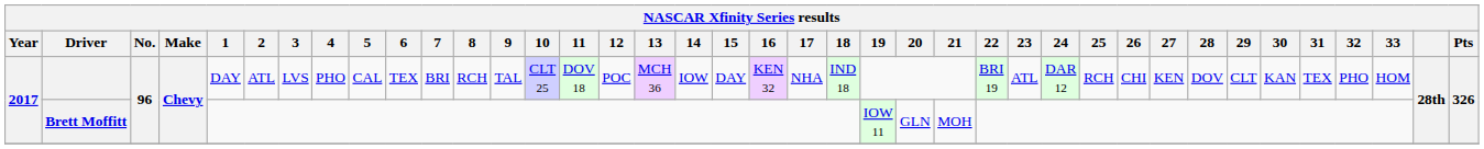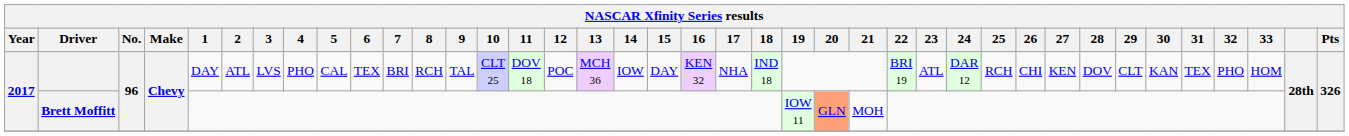 <table class="wikitable mw-collapsible mw-collapsed" style="text-align:center; font-size:75%">
 <tr>
 <th colspan="42"><a href='#'>NASCAR Xfinity Series</a> results</th>
 </tr>
 <tr>
 <th>Year</th>
 <th>Driver</th>
 <th>No.</th>
 <th>Make</th>
 <th>1</th>
 <th>2</th>
 <th>3</th>
 <th>4</th>
 <th>5</th>
 <th>6</th>
 <th>7</th>
 <th>8</th>
 <th>9</th>
 <th>10</th>
 <th>11</th>
 <th>12</th>
 <th>13</th>
 <th>14</th>
 <th>15</th>
 <th>16</th>
 <th>17</th>
 <th>18</th>
 <th>19</th>
 <th>20</th>
 <th>21</th>
 <th>22</th>
 <th>23</th>
 <th>24</th>
 <th>25</th>
 <th>26</th>
 <th>27</th>
 <th>28</th>
 <th>29</th>
 <th>30</th>
 <th>31</th>
 <th>32</th>
 <th>33</th>
 <th></th>
 <th>Pts</th>
 </tr>
 <tr>
 <th rowspan=2><a href='#'>2017</a></th>
 <th></th>
 <th rowspan=2>96</th>
 <th rowspan=2><a href='#'>Chevy</a></th>
 <td><a href='#'>DAY</a></td>
 <td><a href='#'>ATL</a></td>
 <td><a href='#'>LVS</a></td>
 <td><a href='#'>PHO</a></td>
 <td><a href='#'>CAL</a></td>
 <td><a href='#'>TEX</a></td>
 <td><a href='#'>BRI</a></td>
 <td><a href='#'>RCH</a></td>
 <td><a href='#'>TAL</a></td>
 <td style="background:#CFCFFF;"><a href='#'>CLT</a><br><small>25</small></td>
 <td style="background:#DFFFDF;"><a href='#'>DOV</a><br><small>18</small></td>
 <td><a href='#'>POC</a></td>
 <td style="background:#EFCFFF;"><a href='#'>MCH</a><br><small>36</small></td>
 <td><a href='#'>IOW</a></td>
 <td><a href='#'>DAY</a></td>
 <td style="background:#EFCFFF;"><a href='#'>KEN</a><br><small>32</small></td>
 <td><a href='#'>NHA</a></td>
 <td style="background:#DFFFDF;"><a href='#'>IND</a><br><small>18</small></td>
 <td colspan=3></td>
 <td style="background:#DFFFDF;"><a href='#'>BRI</a><br><small>19</small></td>
 <td><a href='#'>ATL</a></td>
 <td style="background:#DFFFDF;"><a href='#'>DAR</a><br><small>12</small></td>
 <td><a href='#'>RCH</a></td>
 <td><a href='#'>CHI</a></td>
 <td><a href='#'>KEN</a></td>
 <td><a href='#'>DOV</a></td>
 <td><a href='#'>CLT</a></td>
 <td><a href='#'>KAN</a></td>
 <td><a href='#'>TEX</a></td>
 <td><a href='#'>PHO</a></td>
 <td><a href='#'>HOM</a></td>
 <th rowspan=2>28th</th>
 <th rowspan=2>326</th>
 </tr>
 <tr>
 <th><a href='#'>Brett Moffitt</a></th>
 <td colspan=18></td>
 <td style="background:#DFFFDF;"><a href='#'>IOW</a><br><small>11</small></td>
-<td><a href='#'>GLN</a></td>
+<td style="background: lightsalmon;"><a href='#'>GLN</a></td>
 <td><a href='#'>MOH</a></td>
 <td colspan=12></td>
 </tr>
 <tr>
 </tr>
 </table>
